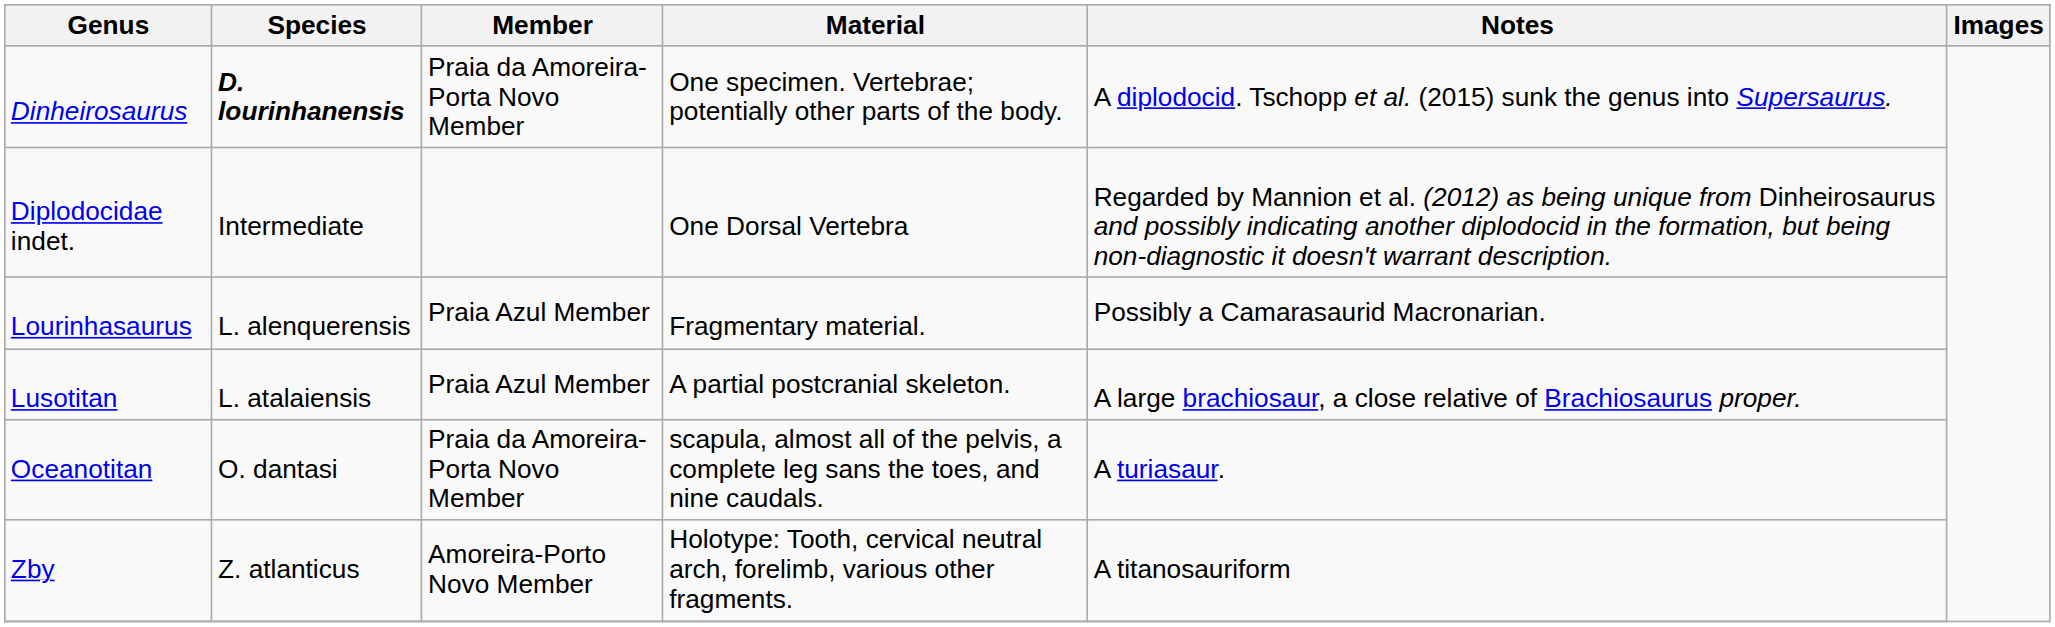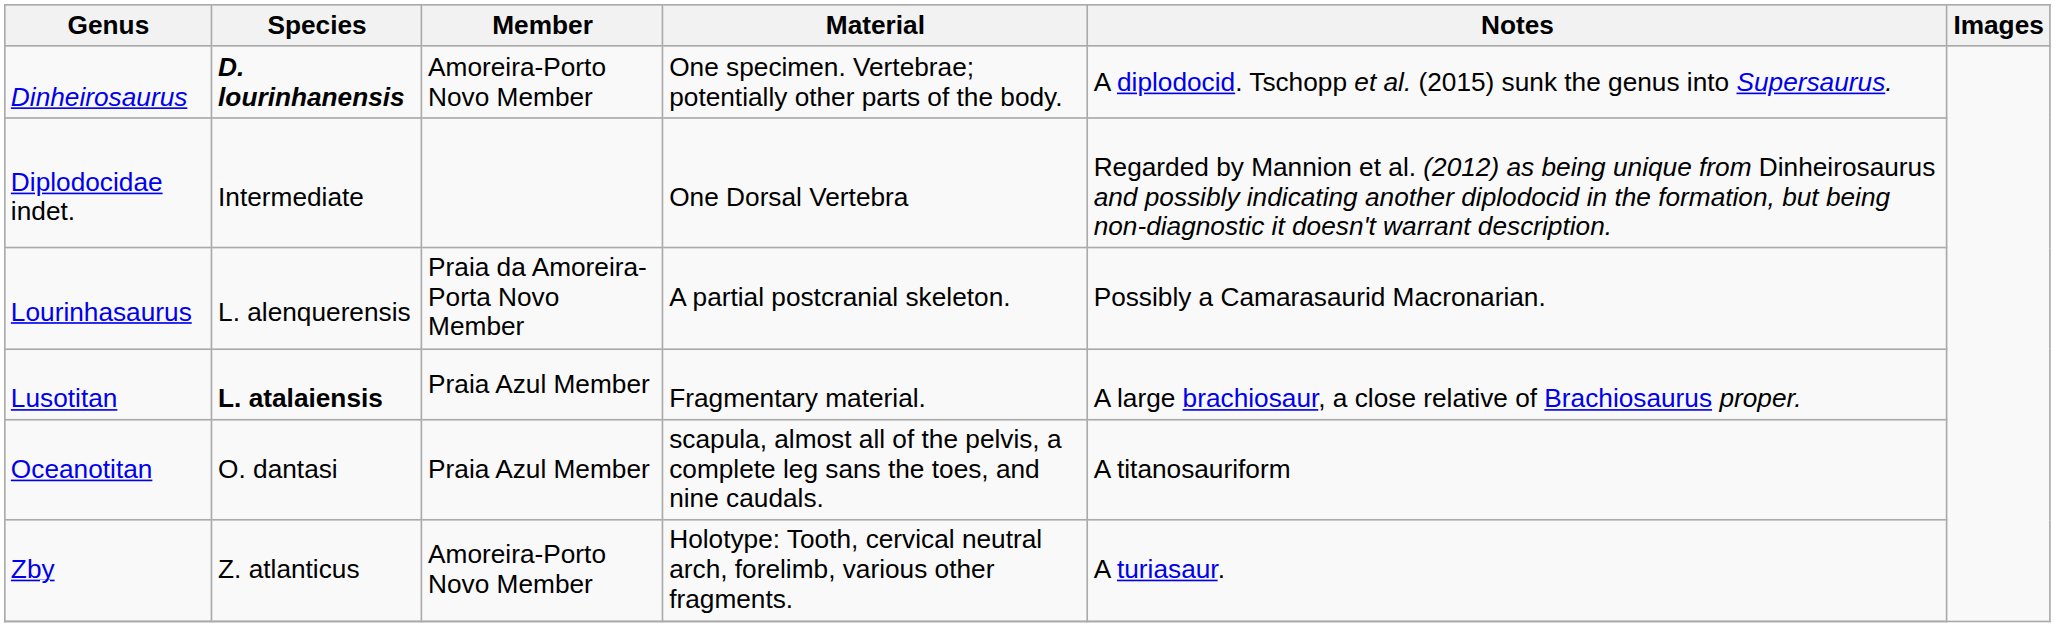 <table class="wikitable" align="center">
 <tr>
 <th>Genus</th>
 <th>Species</th>
 <th>Member</th>
 <th>Material</th>
 <th>Notes</th>
 <th>Images</th>
 </tr>
 <tr>
 <td><br><em><a href='#'>Dinheirosaurus</a></em></td>
 <td><strong><em>D. lourinhanensis</em></strong></td>
-<td>Praia da Amoreira-Porta Novo Member</td>
+<td>Amoreira-Porto Novo Member</td>
 <td>One specimen. Vertebrae; potentially other parts of the body.</td>
 <td>A <a href='#'>diplodocid</a>. Tschopp <em>et al.</em> (2015) sunk the genus into <em><a href='#'>Supersaurus</a>.</td>
 <td Rowspan = 100><br> </td>
 </tr>
 <tr>
 <td><br><a href='#'>Diplodocidae</a> indet.</td>
 <td><br>Intermediate</td>
 <td></td>
 <td><br>One Dorsal Vertebra</td>
 <td><br>Regarded by Mannion </em>et al.<em> (2012) as being unique from </em>Dinheirosaurus<em> and possibly indicating another diplodocid in the formation, but being non-diagnostic it doesn't warrant description.</td>
 </tr>
 <tr>
 <td><br></em><a href='#'>Lourinhasaurus</a><em></td>
 <td><br></em>L. alenquerensis<em></td>
-<td>Praia Azul Member</td>
-<td><br>Fragmentary material.</td>
+<td>Praia da Amoreira-Porta Novo Member</td>
+<td>A partial postcranial skeleton.</td>
 <td>Possibly a Camarasaurid Macronarian.</td>
 </tr>
 <tr>
 <td><br></em><a href='#'>Lusotitan</a><em></td>
-<td><br></em>L. atalaiensis<em></td>
+<td><strong><br></em>L. atalaiensis<em></strong></td>
 <td>Praia Azul Member</td>
-<td>A partial postcranial skeleton.</td>
+<td><br>Fragmentary material.</td>
 <td><br>A large <a href='#'>brachiosaur</a>, a close relative of </em><a href='#'>Brachiosaurus</a><em> proper.</td>
 </tr>
 <tr>
 <td></em><a href='#'>Oceanotitan</a><em></td>
 <td></em>O. dantasi<em></td>
-<td>Praia da Amoreira-Porta Novo Member</td>
+<td>Praia Azul Member</td>
 <td>scapula, almost all of the pelvis, a complete leg sans the toes, and nine caudals.</td>
-<td>A <a href='#'>turiasaur</a>.</td>
+<td>A titanosauriform</td>
 </tr>
 <tr>
 <td></em><a href='#'>Zby</a><em></td>
 <td></em>Z. atlanticus<em></td>
 <td>Amoreira-Porto Novo Member</td>
 <td>Holotype: Tooth, cervical neutral arch, forelimb, various other fragments.</td>
-<td>A titanosauriform</td>
+<td>A <a href='#'>turiasaur</a>.</td>
 </tr>
 <tr>
 </tr>
 </table>
